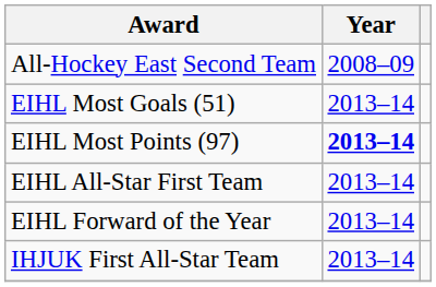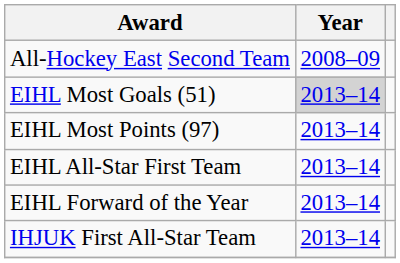 <table class="wikitable">
 <tr>
 <th>Award</th>
 <th>Year</th>
 <th></th>
 </tr>
 <tr>
 <td>All-<a href='#'>Hockey East</a> <a href='#'>Second Team</a></td>
 <td><a href='#'>2008–09</a></td>
 <td></td>
 </tr>
 <tr>
 <td><a href='#'>EIHL</a> Most Goals (51)</td>
-<td><a href='#'>2013–14</a></td>
+<td style="background: lightgrey;"><a href='#'>2013–14</a></td>
 <td></td>
 </tr>
 <tr>
 <td>EIHL Most Points (97)</td>
-<td><strong><a href='#'>2013–14</a></strong></td>
+<td><a href='#'>2013–14</a></td>
 <td></td>
 </tr>
 <tr>
 <td>EIHL All-Star First Team</td>
 <td><a href='#'>2013–14</a></td>
 <td></td>
 </tr>
 <tr>
 <td>EIHL Forward of the Year</td>
 <td><a href='#'>2013–14</a></td>
 <td></td>
 </tr>
 <tr>
 <td><a href='#'>IHJUK</a> First All-Star Team</td>
 <td><a href='#'>2013–14</a></td>
 <td></td>
 </tr>
 <tr>
 </tr>
 </table>
